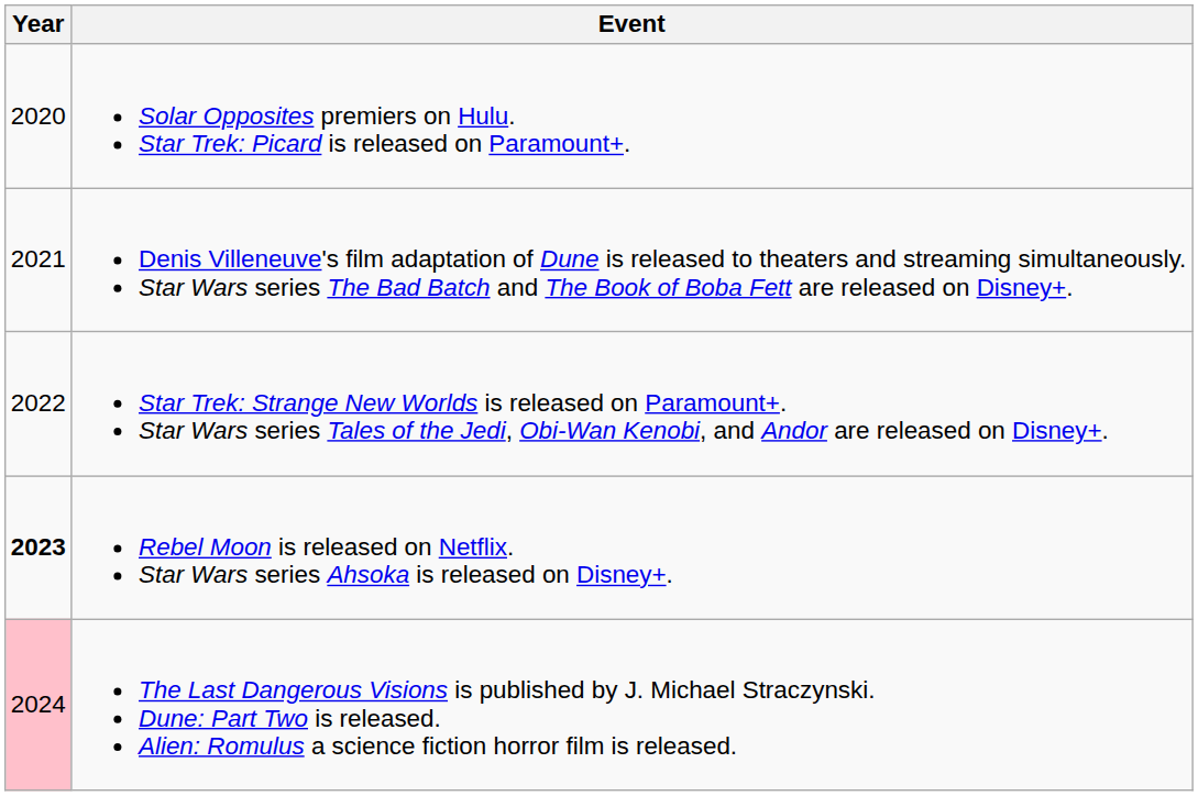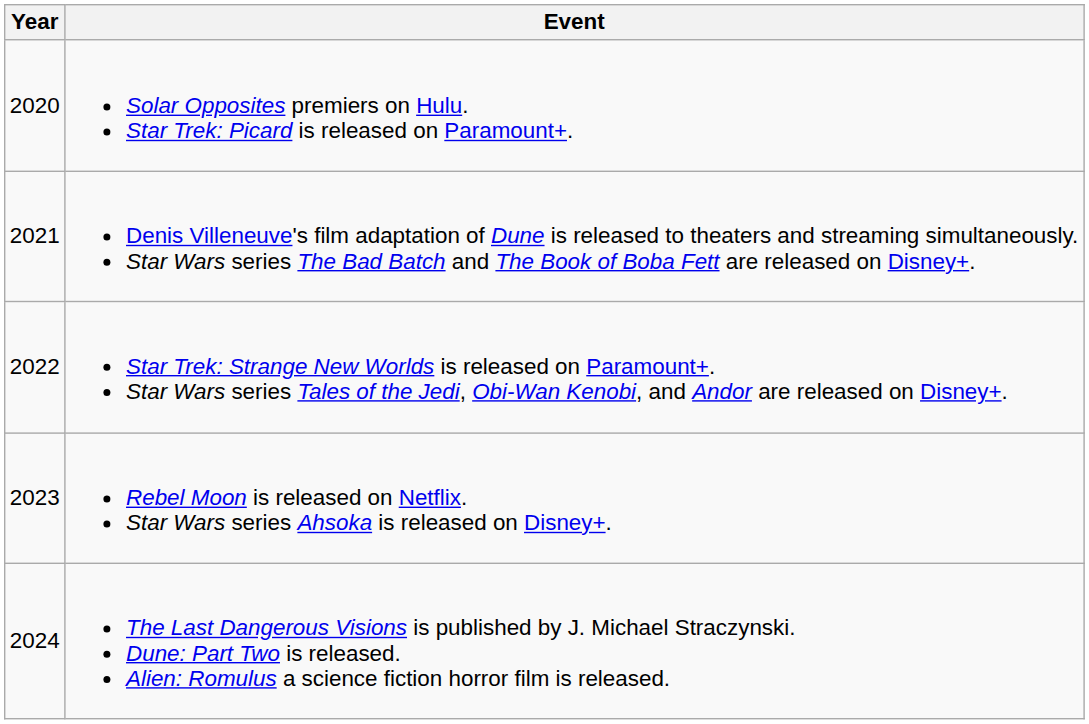 <table class="wikitable">
 <tr>
 <th>Year</th>
 <th>Event</th>
 </tr>
 <tr>
 <td>2020</td>
 <td><br><ul><li><em><a href='#'>Solar Opposites</a></em> premiers on <a href='#'>Hulu</a>.</li><li><em><a href='#'>Star Trek: Picard</a></em> is released on <a href='#'>Paramount+</a>.</li></ul></td>
 </tr>
 <tr>
 <td>2021</td>
 <td><br><ul><li><a href='#'>Denis Villeneuve</a>'s film adaptation of <em><a href='#'>Dune</a></em> is released to theaters and streaming simultaneously.</li><li><em>Star Wars</em> series <em><a href='#'>The Bad Batch</a></em> and <em><a href='#'>The Book of Boba Fett</a></em> are released on <a href='#'>Disney+</a>.</li></ul></td>
 </tr>
 <tr>
 <td>2022</td>
 <td><br><ul><li><em><a href='#'>Star Trek: Strange New Worlds</a></em> is released on <a href='#'>Paramount+</a>.</li><li><em>Star Wars</em> series <em><a href='#'>Tales of the Jedi</a></em>, <em><a href='#'>Obi-Wan Kenobi</a></em>, and <em><a href='#'>Andor</a></em> are released on <a href='#'>Disney+</a>.</li></ul></td>
 </tr>
 <tr>
-<td><strong>2023</strong></td>
+<td>2023</td>
 <td><br><ul><li><em><a href='#'>Rebel Moon</a></em> is released on <a href='#'>Netflix</a>.</li><li><em>Star Wars</em> series <em><a href='#'>Ahsoka</a></em> is released on <a href='#'>Disney+</a>.</li></ul></td>
 </tr>
 <tr>
-<td style="background: pink;">2024</td>
+<td>2024</td>
 <td><br><ul><li><em><a href='#'>The Last Dangerous Visions</a></em> is published by J. Michael Straczynski.</li><li><em><a href='#'>Dune: Part Two</a></em> is released.</li><li><em><a href='#'>Alien: Romulus</a></em> a science fiction horror film is released.</li></ul></td>
 </tr>
 </table>
